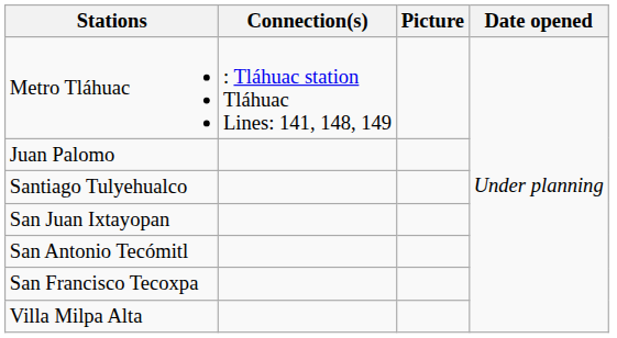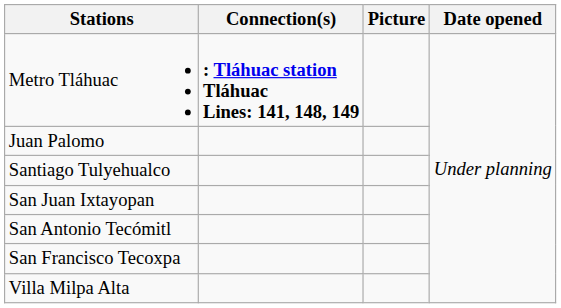 <table class="wikitable">
 <tr>
 <th width="160px">Stations</th>
 <th>Connection(s)</th>
 <th>Picture</th>
 <th>Date opened</th>
 </tr>
 <tr>
 <td> Metro Tláhuac</td>
-<td><br><li> : <a href='#'>Tláhuac station</a></li> <li> Tláhuac</li> <li> Lines: 141, 148, 149</li></td>
+<td><strong><br><li> : <a href='#'>Tláhuac station</a></li> <li> Tláhuac</li> <li> Lines: 141, 148, 149</li></strong></td>
 <td></td>
 <td rowspan=7><em>Under planning</em></td>
 </tr>
 <tr>
 <td> Juan Palomo</td>
 <td></td>
 <td></td>
 </tr>
 <tr>
 <td> Santiago Tulyehualco</td>
 <td></td>
 <td></td>
 </tr>
 <tr>
 <td> San Juan Ixtayopan</td>
 <td></td>
 <td></td>
 </tr>
 <tr>
 <td> San Antonio Tecómitl</td>
 <td></td>
 <td></td>
 </tr>
 <tr>
 <td> San Francisco Tecoxpa</td>
 <td></td>
 <td></td>
 </tr>
 <tr>
 <td> Villa Milpa Alta</td>
 <td></td>
 <td></td>
 </tr>
 </table>
